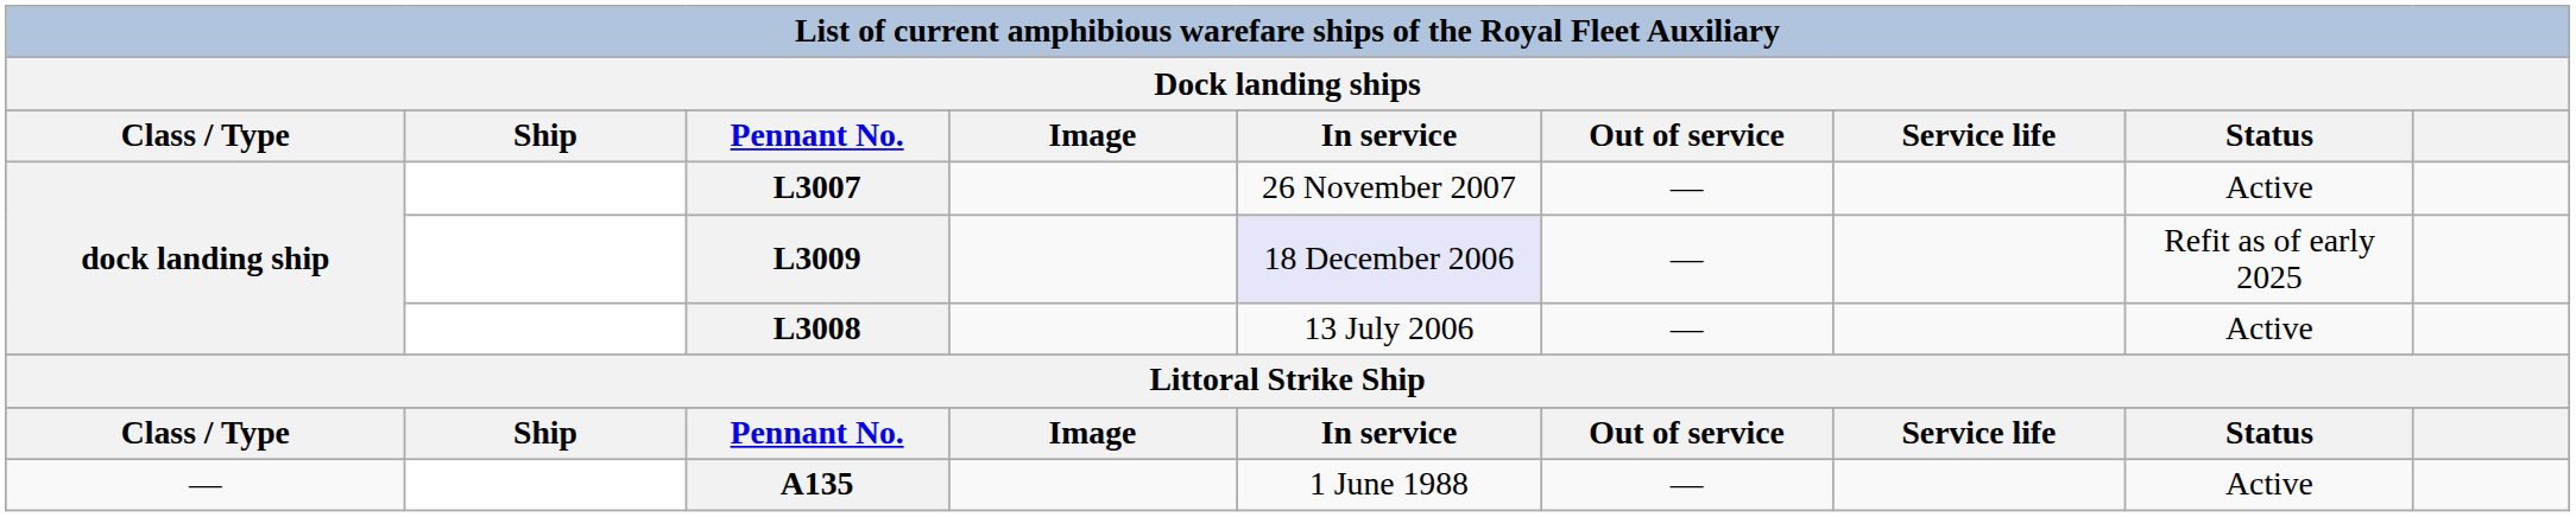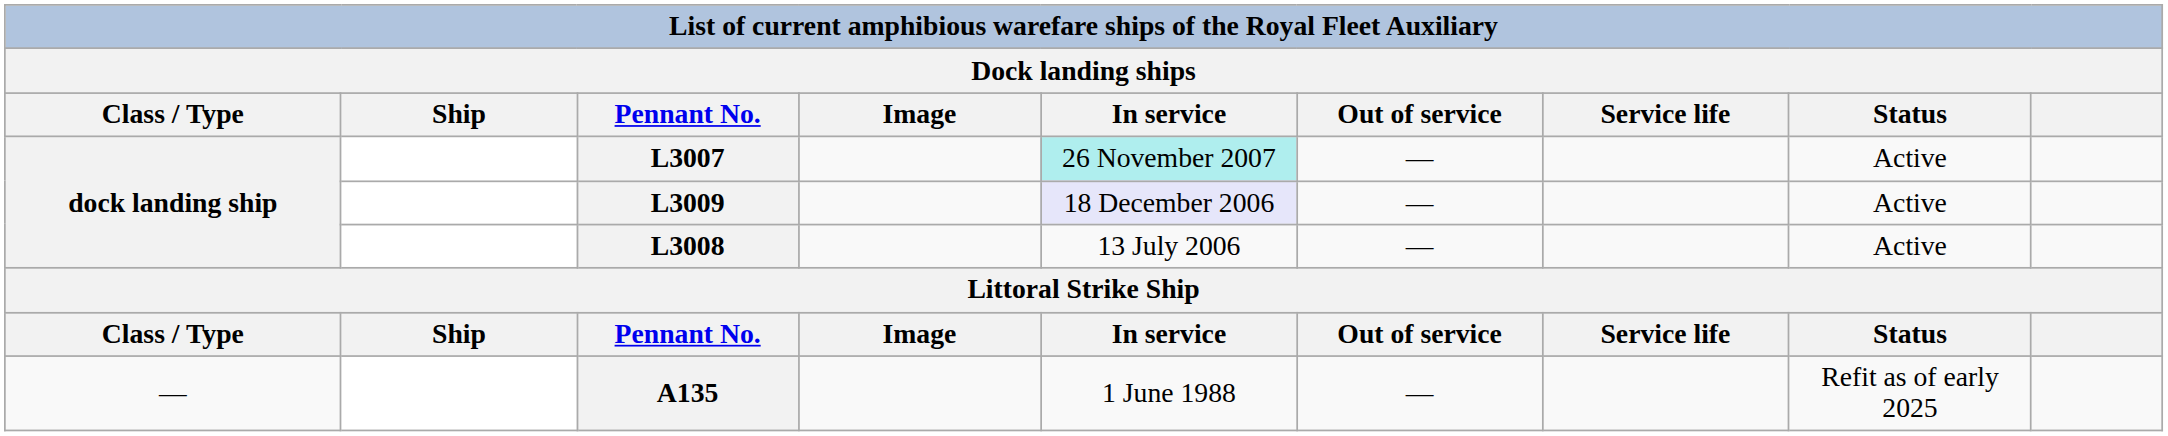 <table class="wikitable sortable plainrowheaders" style="text-align:center;">
 <tr>
 <th style="align: center; background: #B0C4DE;" colspan="9">List of current amphibious warefare ships of the Royal Fleet Auxiliary</th>
 </tr>
 <tr>
 <th colspan="9">Dock landing ships</th>
 </tr>
 <tr>
 <th scope="col" style="width: 250px;">Class / Type</th>
 <th scope="col" style="width: 175px;">Ship</th>
 <th scope="col" style="width: 150px;"><a href='#'>Pennant No.</a></th>
 <th scope="col" style="width: 175px;" class="unsortable">Image</th>
 <th scope="col" style="width: 175px;" data-sort-type="usLongDate">In service</th>
 <th scope="col" style="width: 175px;" data-sort-type="usLongDate">Out of service</th>
 <th scope="col" style="width: 175px;">Service life</th>
 <th scope="col" style="width: 175px;" data-sort-time=date>Status</th>
 <th scope="col" style="width: 100px;" class="unsortable"></th>
 </tr>
 <tr>
 <th rowspan="3;" data-sort-value="Tide"> dock landing ship</th>
 <th scope="row" style="background:#ffffff;" data-sort-value="1"></th>
 <th scope="row">L3007</th>
 <td></td>
-<td>26 November 2007</td>
+<td style="background: paleturquoise;">26 November 2007</td>
 <td>— </td>
 <td></td>
 <td>Active</td>
 <td></td>
 </tr>
 <tr>
 <th scope="row" style="background:#ffffff;" data-sort-value="1"></th>
 <th scope="row">L3009</th>
 <td></td>
 <td style="background: lavender;">18 December 2006</td>
 <td>— </td>
 <td></td>
-<td>Refit as of early 2025</td>
+<td>Active</td>
 <td></td>
 </tr>
 <tr>
 <th scope="row" style="background:#ffffff;" data-sort-value="1"></th>
 <th scope="row">L3008</th>
 <td></td>
 <td>13 July 2006</td>
 <td>— </td>
 <td></td>
 <td>Active</td>
 <td></td>
 </tr>
 <tr>
 <th colspan="9">Littoral Strike Ship</th>
 </tr>
 <tr>
 <th scope="col" style="width: 250px;">Class / Type</th>
 <th scope="col" style="width: 175px;">Ship</th>
 <th scope="col" style="width: 150px;"><a href='#'>Pennant No.</a></th>
 <th scope="col" style="width: 175px;" class="unsortable">Image</th>
 <th scope="col" style="width: 175px;" data-sort-type="usLongDate">In service</th>
 <th scope="col" style="width: 175px;" data-sort-type="usLongDate">Out of service</th>
 <th scope="col" style="width: 175px;">Service life</th>
 <th scope="col" style="width: 175px;" data-sort-time=date>Status</th>
 <th scope="col" style="width: 100px;" class="unsortable"></th>
 </tr>
 <tr>
 <td>—</td>
 <th scope="row" style="background:#ffffff;" data-sort-value="1"></th>
 <th scope="row">A135</th>
 <td></td>
 <td>1 June 1988</td>
 <td>— </td>
 <td></td>
-<td>Active</td>
+<td>Refit as of early 2025</td>
 <td></td>
 </tr>
 </table>
